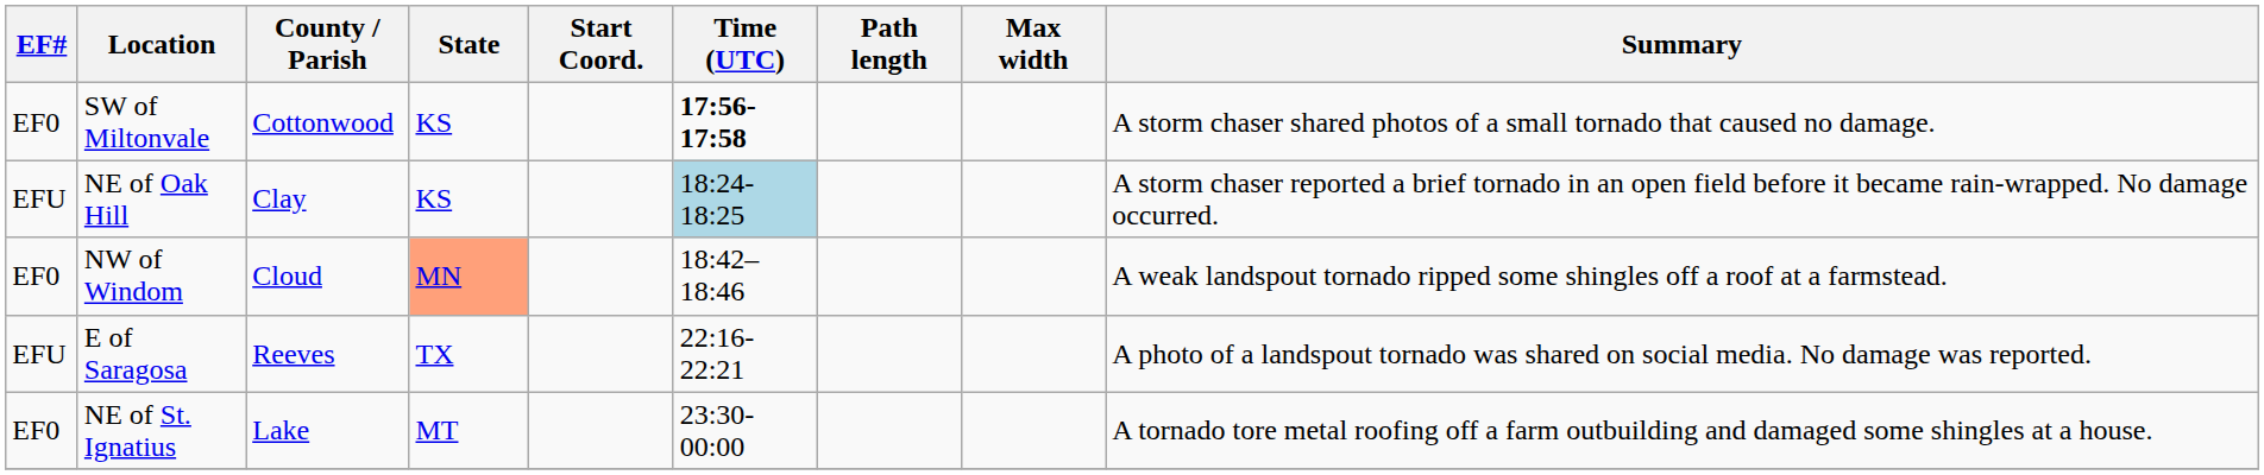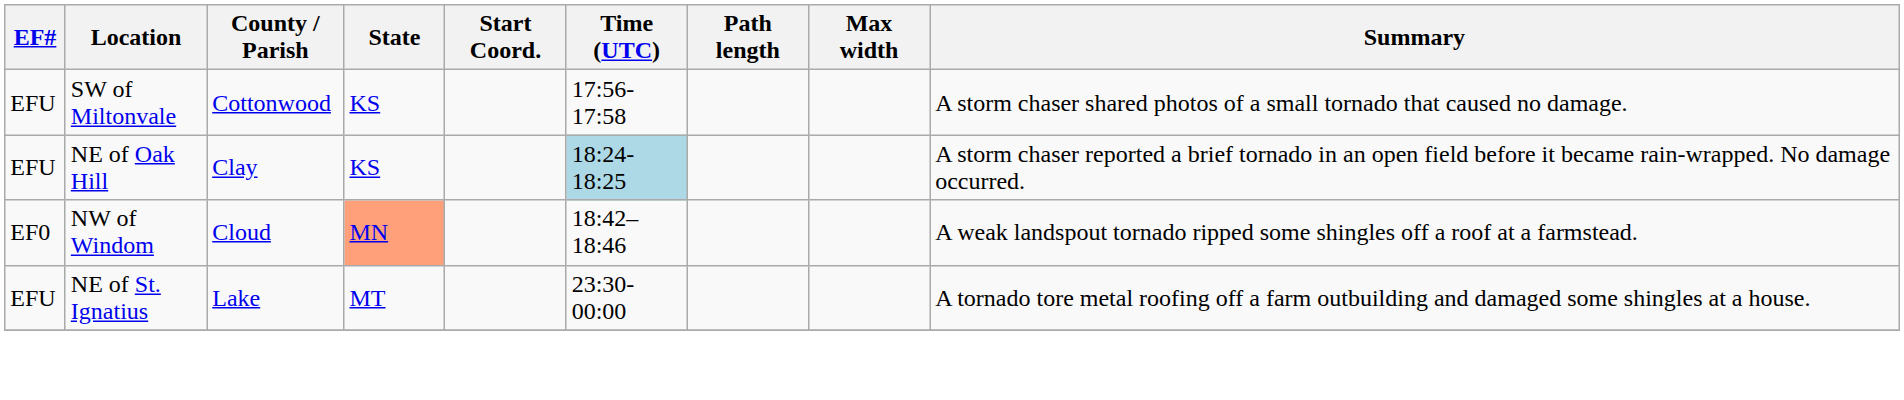 <table class="wikitable sortable" style="width:100%;">
 <tr>
 <th scope="col"  style="width:3%; text-align:center;"><a href='#'>EF#</a></th>
 <th scope="col"  style="width:7%; text-align:center;" class="unsortable">Location</th>
 <th scope="col"  style="width:6%; text-align:center;" class="unsortable">County / Parish</th>
 <th scope="col"  style="width:5%; text-align:center;">State</th>
 <th scope="col"  style="width:6%; text-align:center;">Start Coord.</th>
 <th scope="col"  style="width:6%; text-align:center;">Time (<a href='#'>UTC</a>)</th>
 <th scope="col"  style="width:6%; text-align:center;">Path length</th>
 <th scope="col"  style="width:6%; text-align:center;">Max width</th>
 <th scope="col" class="unsortable" style="width:48%; text-align:center;">Summary</th>
 </tr>
 <tr>
-<td>EF0</td>
+<td>EFU</td>
 <td>SW of <a href='#'>Miltonvale</a></td>
 <td><a href='#'>Cottonwood</a></td>
 <td><a href='#'>KS</a></td>
 <td></td>
-<td><strong>17:56-17:58</strong></td>
+<td>17:56-17:58</td>
 <td></td>
 <td></td>
 <td>A storm chaser shared photos of a small tornado that caused no damage.</td>
 </tr>
 <tr>
 <td>EFU</td>
 <td>NE of <a href='#'>Oak Hill</a></td>
 <td><a href='#'>Clay</a></td>
 <td><a href='#'>KS</a></td>
 <td></td>
 <td style="background: lightblue;">18:24-18:25</td>
 <td></td>
 <td></td>
 <td>A storm chaser reported a brief tornado in an open field before it became rain-wrapped. No damage occurred.</td>
 </tr>
 <tr>
 <td>EF0</td>
 <td>NW of <a href='#'>Windom</a></td>
 <td><a href='#'>Cloud</a></td>
 <td style="background: lightsalmon;"><a href='#'>MN</a></td>
 <td></td>
 <td>18:42–18:46</td>
 <td></td>
 <td></td>
 <td>A weak landspout tornado ripped some shingles off a roof at a farmstead.</td>
 </tr>
 <tr>
 <td>EFU</td>
-<td>E of <a href='#'>Saragosa</a></td>
-<td><a href='#'>Reeves</a></td>
-<td><a href='#'>TX</a></td>
-<td></td>
-<td>22:16-22:21</td>
-<td></td>
-<td></td>
-<td>A photo of a landspout tornado was shared on social media. No damage was reported.</td>
-</tr>
-<tr>
-<td>EF0</td>
 <td>NE of <a href='#'>St. Ignatius</a></td>
 <td><a href='#'>Lake</a></td>
 <td><a href='#'>MT</a></td>
 <td></td>
 <td>23:30-00:00</td>
 <td></td>
 <td></td>
 <td>A tornado tore metal roofing off a farm outbuilding and damaged some shingles at a house.</td>
 </tr>
 <tr>
 </tr>
 </table>
